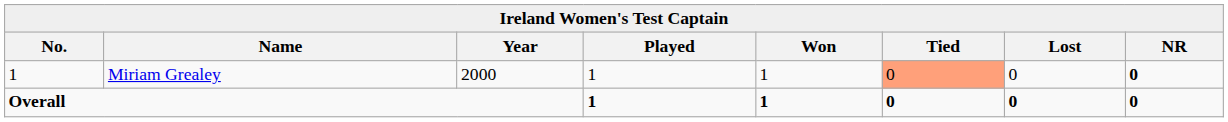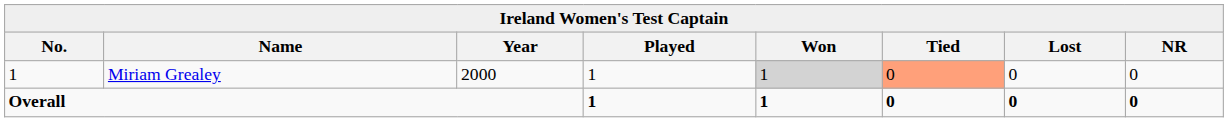 <table class="wikitable" style="width:70%;">
 <tr>
 <th style="background:#efefef;" colspan="9">Ireland Women's Test Captain</th>
 </tr>
 <tr style="background:#efefef;">
 <th>No.</th>
 <th>Name</th>
 <th>Year</th>
 <th>Played</th>
 <th>Won</th>
 <th>Tied</th>
 <th>Lost</th>
 <th>NR</th>
 </tr>
 <tr>
 <td>1</td>
 <td><a href='#'>Miriam Grealey</a></td>
 <td>2000</td>
 <td>1</td>
-<td>1</td>
+<td style="background: lightgrey;">1</td>
 <td style="background: lightsalmon;">0</td>
 <td>0</td>
-<td><strong>0</strong></td>
+<td>0</td>
 </tr>
 <tr>
 <td colspan=3><strong>Overall</strong></td>
 <td><strong>1</strong></td>
 <td><strong>1</strong></td>
 <td><strong>0</strong></td>
 <td><strong>0</strong></td>
 <td><strong>0</strong></td>
 </tr>
 </table>
